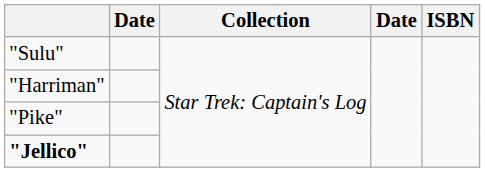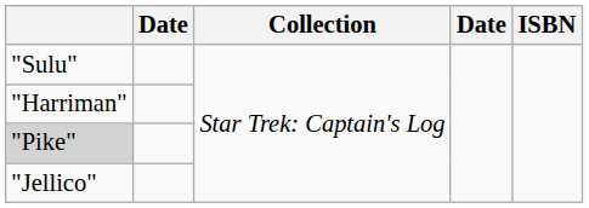 <table class="wikitable">
 <tr>
 <th></th>
 <th>Date</th>
 <th>Collection</th>
 <th>Date</th>
 <th>ISBN</th>
 </tr>
 <tr>
 <td>"Sulu"</td>
 <td></td>
 <td rowspan="4"><em>Star Trek: Captain's Log</em></td>
 <td rowspan="4"></td>
 <td rowspan="4"></td>
 </tr>
 <tr>
 <td>"Harriman"</td>
 <td></td>
 </tr>
 <tr>
-<td>"Pike"</td>
+<td style="background: lightgrey;">"Pike"</td>
 <td></td>
 </tr>
 <tr>
-<td><strong>"Jellico"</strong></td>
+<td>"Jellico"</td>
 <td></td>
 </tr>
 </table>
